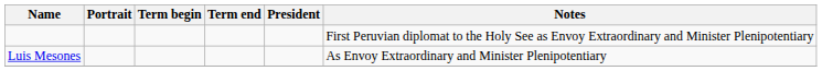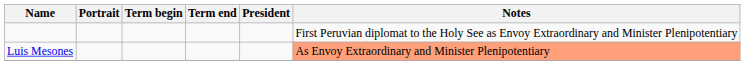 <table class="wikitable sortable"  text-align:center;">
 <tr>
 <th>Name</th>
 <th class="unsortable">Portrait</th>
 <th>Term begin</th>
 <th>Term end</th>
 <th>President</th>
 <th class="unsortable">Notes</th>
 </tr>
 <tr>
 <td></td>
 <td></td>
 <td></td>
 <td></td>
 <td></td>
 <td>First Peruvian diplomat to the Holy See as Envoy Extraordinary and Minister Plenipotentiary</td>
 </tr>
 <tr>
 <td><a href='#'>Luis Mesones</a></td>
 <td></td>
 <td><br></td>
 <td><br></td>
 <td></td>
-<td>As Envoy Extraordinary and Minister Plenipotentiary</td>
+<td style="background: lightsalmon;">As Envoy Extraordinary and Minister Plenipotentiary</td>
 </tr>
 <tr>
 </tr>
 </table>
